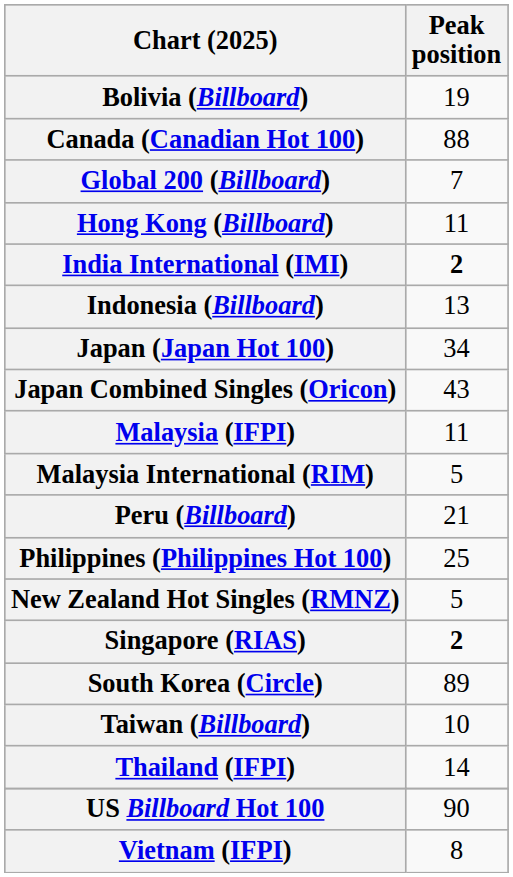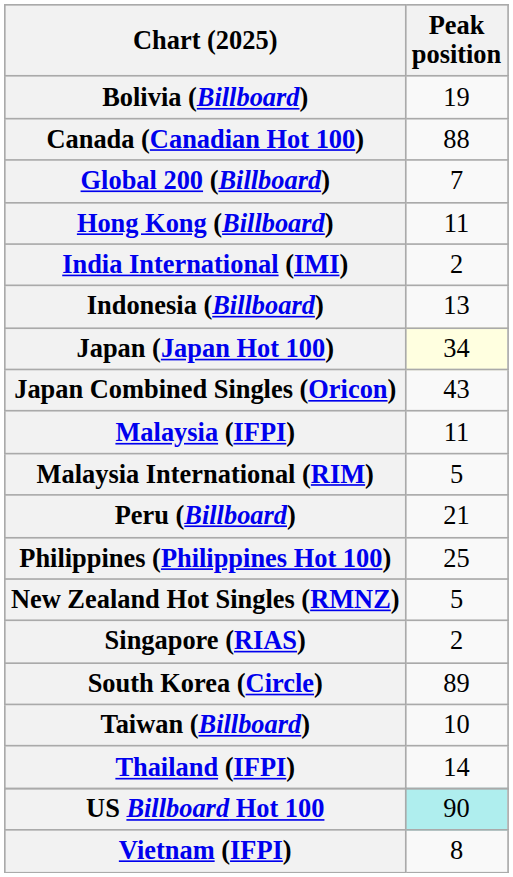 <table class="wikitable sortable plainrowheaders" style="text-align:center">
 <tr>
 <th scope="col">Chart (2025)</th>
 <th scope="col">Peak<br>position</th>
 </tr>
 <tr>
 <th scope="row">Bolivia (<em><a href='#'>Billboard</a></em>)</th>
 <td>19</td>
 </tr>
 <tr>
 <th scope="row">Canada (<a href='#'>Canadian Hot 100</a>)</th>
 <td>88</td>
 </tr>
 <tr>
 <th scope="row"><a href='#'>Global 200</a> (<em><a href='#'>Billboard</a></em>)</th>
 <td>7</td>
 </tr>
 <tr>
 <th scope="row"><a href='#'>Hong Kong</a> (<em><a href='#'>Billboard</a></em>)</th>
 <td>11</td>
 </tr>
 <tr>
 <th scope="row"><a href='#'>India International</a> (<a href='#'>IMI</a>)</th>
-<td><strong>2</strong></td>
+<td>2</td>
 </tr>
 <tr>
 <th scope="row">Indonesia (<em><a href='#'>Billboard</a></em>)</th>
 <td>13</td>
 </tr>
 <tr>
 <th scope="row">Japan (<a href='#'>Japan Hot 100</a>)</th>
-<td>34</td>
+<td style="background: lightyellow;">34</td>
 </tr>
 <tr>
 <th scope="row">Japan Combined Singles (<a href='#'>Oricon</a>)</th>
 <td>43</td>
 </tr>
 <tr>
 <th scope="row"><a href='#'>Malaysia</a> (<a href='#'>IFPI</a>)</th>
 <td>11</td>
 </tr>
 <tr>
 <th scope="row">Malaysia International (<a href='#'>RIM</a>)</th>
 <td>5</td>
 </tr>
 <tr>
 <th scope="row">Peru (<em><a href='#'>Billboard</a></em>)</th>
 <td>21</td>
 </tr>
 <tr>
 <th scope="row">Philippines (<a href='#'>Philippines Hot 100</a>)</th>
 <td>25</td>
 </tr>
 <tr>
 <th scope="row">New Zealand Hot Singles (<a href='#'>RMNZ</a>)</th>
 <td>5</td>
 </tr>
 <tr>
 <th scope="row">Singapore (<a href='#'>RIAS</a>)</th>
-<td><strong>2</strong></td>
+<td>2</td>
 </tr>
 <tr>
 <th scope="row">South Korea (<a href='#'>Circle</a>)</th>
 <td>89</td>
 </tr>
 <tr>
 <th scope="row">Taiwan (<em><a href='#'>Billboard</a></em>)</th>
 <td>10</td>
 </tr>
 <tr>
 <th scope="row"><a href='#'>Thailand</a> (<a href='#'>IFPI</a>)</th>
 <td>14</td>
 </tr>
 <tr>
 </tr>
 <tr>
 <th scope="row">US <a href='#'><em>Billboard</em> Hot 100</a></th>
-<td>90</td>
+<td style="background: paleturquoise;">90</td>
 </tr>
 <tr>
 <th scope="row"><a href='#'>Vietnam</a> (<a href='#'>IFPI</a>)</th>
 <td>8</td>
 </tr>
 </table>
